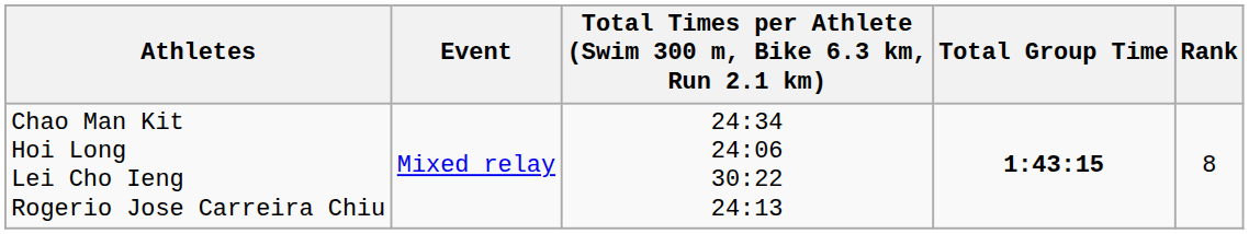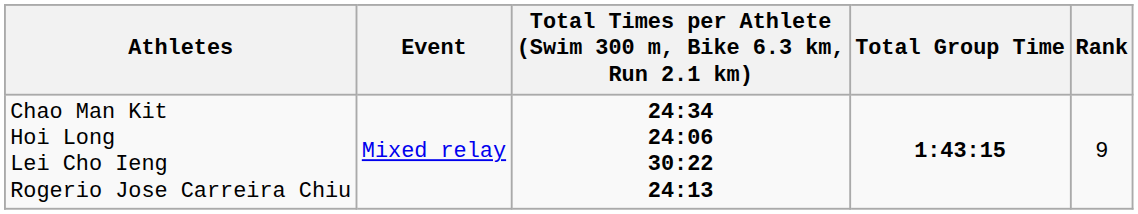 <table class=wikitable style=font-size:90%;text-align:center>
 <tr>
 <th>Athletes</th>
 <th>Event</th>
 <th>Total Times per Athlete<br>(Swim 300 m, Bike 6.3 km, <br> Run 2.1 km)</th>
 <th>Total Group Time</th>
 <th>Rank</th>
 </tr>
 <tr>
 <td align=left>Chao Man Kit<br>Hoi Long<br>Lei Cho Ieng<br>Rogerio Jose Carreira Chiu</td>
 <td align=left><a href='#'>Mixed relay</a></td>
-<td>24:34<br>24:06<br>30:22<br>24:13</td>
+<td><strong>24:34<br>24:06<br>30:22<br>24:13</strong></td>
 <td><strong>1:43:15</strong></td>
-<td>8</td>
+<td>9</td>
 </tr>
 </table>
